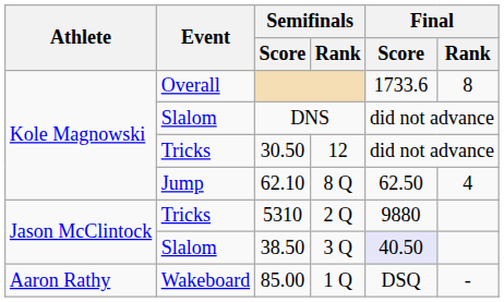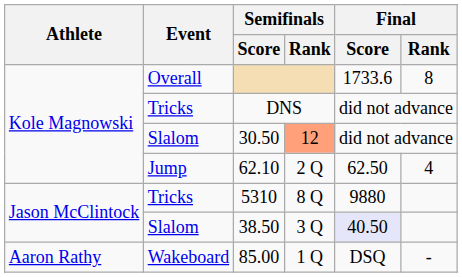 <table class=wikitable style="font-size:90%">
 <tr>
 <th rowspan="2">Athlete</th>
 <th rowspan="2">Event</th>
 <th colspan="2">Semifinals</th>
 <th colspan="2">Final</th>
 </tr>
 <tr>
 <th>Score</th>
 <th>Rank</th>
 <th>Score</th>
 <th>Rank</th>
 </tr>
 <tr>
 <td rowspan="4"><a href='#'>Kole Magnowski</a></td>
 <td><a href='#'>Overall</a></td>
 <td align=center bgcolor=wheat colspan=2></td>
 <td align=center>1733.6</td>
 <td align=center>8</td>
 </tr>
 <tr>
-<td><a href='#'>Slalom</a></td>
+<td><a href='#'>Tricks</a></td>
 <td align=center colspan=2>DNS</td>
 <td align=center colspan=2>did not advance</td>
 </tr>
 <tr>
-<td><a href='#'>Tricks</a></td>
+<td><a href='#'>Slalom</a></td>
 <td align=center>30.50</td>
-<td align=center>12</td>
+<td align=center style="background: lightsalmon;">12</td>
 <td align=center colspan=2>did not advance</td>
 </tr>
 <tr>
 <td><a href='#'>Jump</a></td>
 <td align=center>62.10</td>
-<td align=center>8 Q</td>
+<td align=center>2 Q</td>
 <td align=center>62.50</td>
 <td align=center>4</td>
 </tr>
 <tr>
 <td rowspan="2"><a href='#'>Jason McClintock</a></td>
 <td><a href='#'>Tricks</a></td>
 <td align=center>5310</td>
-<td align=center>2 Q</td>
+<td align=center>8 Q</td>
 <td align=center>9880</td>
 <td align=center></td>
 </tr>
 <tr>
 <td><a href='#'>Slalom</a></td>
 <td align=center>38.50</td>
 <td align=center>3 Q</td>
 <td align=center style="background: lavender;">40.50</td>
 <td align=center></td>
 </tr>
 <tr>
 <td><a href='#'>Aaron Rathy</a></td>
 <td><a href='#'>Wakeboard</a></td>
 <td align=center>85.00</td>
 <td align=center>1 Q</td>
 <td align=center>DSQ</td>
 <td align=center>-</td>
 </tr>
 </table>
